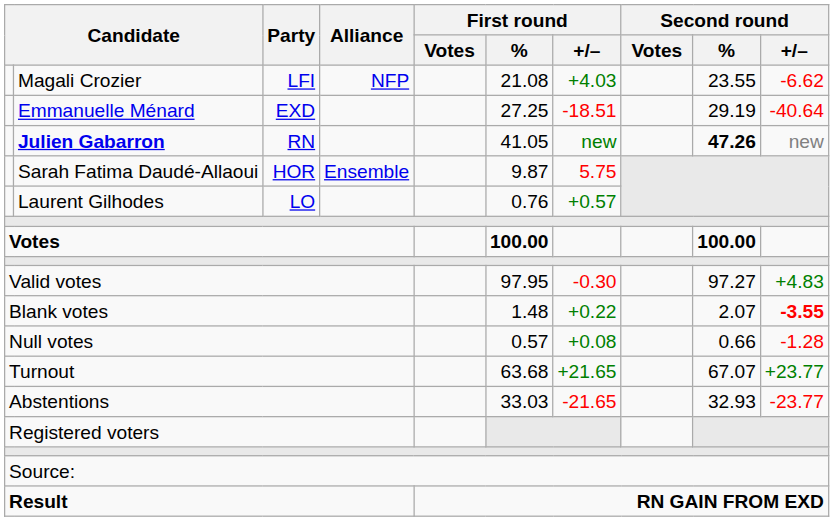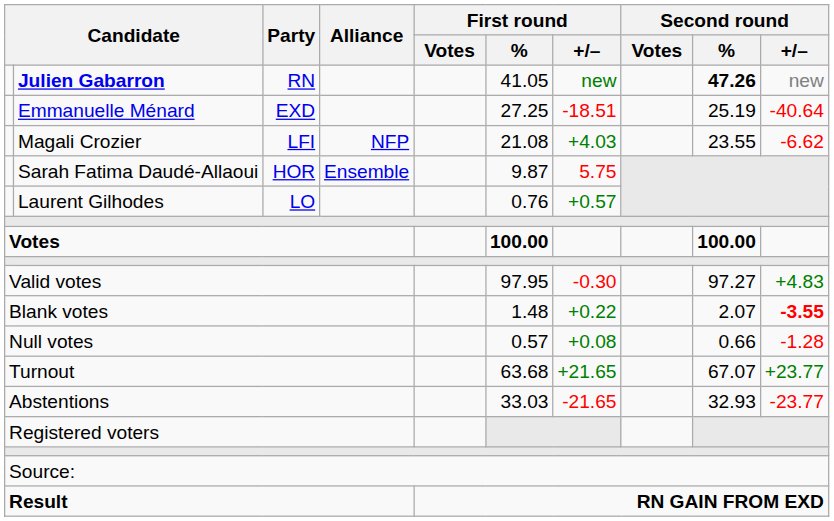 <table class="wikitable" style="text-align:right;font-size:95%;">
 <tr>
 <th rowspan="2" colspan="2">Candidate</th>
 <th colspan="1" rowspan="2">Party</th>
 <th colspan="1" rowspan="2">Alliance</th>
 <th colspan="3">First round</th>
 <th colspan="3">Second round</th>
 </tr>
 <tr>
 <th style="width:50px;">Votes</th>
 <th style="width:45px;">%</th>
 <th style="width:45px;">+/–</th>
 <th style="width:50px;">Votes</th>
 <th style="width:45px;">%</th>
 <th style="width:45px;">+/–</th>
 </tr>
 <tr>
 <td style="color:inherit;background:"></td>
-<td style="text-align:left;">Magali Crozier</td>
-<td><a href='#'>LFI</a></td>
-<td><a href='#'>NFP</a></td>
+<td style="text-align:left;"><strong><a href='#'>Julien Gabarron</a></strong></td>
+<td><a href='#'>RN</a></td>
 <td></td>
-<td>21.08</td>
-<td style="color:green;">+4.03</td>
 <td></td>
-<td>23.55</td>
-<td style="color:red;">-6.62</td>
+<td>41.05</td>
+<td style="color:green;">new</td>
+<td><strong></strong></td>
+<td><strong>47.26</strong></td>
+<td style="color:grey;">new</td>
 </tr>
 <tr>
 <td style="color:inherit;background:"></td>
 <td style="text-align:left;"><a href='#'>Emmanuelle Ménard</a></td>
 <td><a href='#'>EXD</a></td>
 <td></td>
 <td></td>
 <td>27.25</td>
 <td style="color:red;">-18.51</td>
 <td></td>
-<td>29.19</td>
+<td>25.19</td>
 <td style="color:red;">-40.64</td>
 </tr>
 <tr>
 <td style="color:inherit;background:"></td>
-<td style="text-align:left;"><strong><a href='#'>Julien Gabarron</a></strong></td>
-<td><a href='#'>RN</a></td>
+<td style="text-align:left;">Magali Crozier</td>
+<td><a href='#'>LFI</a></td>
+<td><a href='#'>NFP</a></td>
 <td></td>
+<td>21.08</td>
+<td style="color:green;">+4.03</td>
 <td></td>
-<td>41.05</td>
-<td style="color:green;">new</td>
-<td><strong></strong></td>
-<td><strong>47.26</strong></td>
-<td style="color:grey;">new</td>
+<td>23.55</td>
+<td style="color:red;">-6.62</td>
 </tr>
 <tr>
 <td style="color:inherit;background:"></td>
 <td style="text-align:left;">Sarah Fatima Daudé-Allaoui</td>
 <td><a href='#'>HOR</a></td>
 <td><a href='#'>Ensemble</a></td>
 <td></td>
 <td>9.87</td>
 <td style="color:red;">5.75</td>
 <td colspan="3" rowspan="2" style="background:#E9E9E9;"></td>
 </tr>
 <tr>
 <td style="color:inherit;background:"></td>
 <td style="text-align:left;">Laurent Gilhodes</td>
 <td><a href='#'>LO</a></td>
 <td></td>
 <td></td>
 <td>0.76</td>
 <td style="color:green;">+0.57</td>
 </tr>
 <tr>
 <td colspan="10" style="background:#E9E9E9;"></td>
 </tr>
 <tr style="font-weight:bold;">
 <td colspan="4" style="text-align:left;">Votes</td>
 <td></td>
 <td>100.00</td>
 <td></td>
 <td></td>
 <td>100.00</td>
 <td></td>
 </tr>
 <tr>
 <td colspan="10" style="background:#E9E9E9;"></td>
 </tr>
 <tr>
 <td colspan="4" style="text-align:left;">Valid votes</td>
 <td></td>
 <td>97.95</td>
 <td style="color:red;">-0.30</td>
 <td></td>
 <td>97.27</td>
 <td style="color:green;">+4.83</td>
 </tr>
 <tr>
 <td colspan="4" style="text-align:left;">Blank votes</td>
 <td></td>
 <td>1.48</td>
 <td style="color:green;">+0.22</td>
 <td></td>
 <td>2.07</td>
 <td style="color:red;"><strong>-3.55</strong></td>
 </tr>
 <tr>
 <td colspan="4" style="text-align:left;">Null votes</td>
 <td></td>
 <td>0.57</td>
 <td style="color:green;">+0.08</td>
 <td></td>
 <td>0.66</td>
 <td style="color:red;">-1.28</td>
 </tr>
 <tr>
 <td colspan="4" style="text-align:left;">Turnout</td>
 <td></td>
 <td>63.68</td>
 <td style="color:green;">+21.65</td>
 <td></td>
 <td>67.07</td>
 <td style="color:green;">+23.77</td>
 </tr>
 <tr>
 <td colspan="4" style="text-align:left;">Abstentions</td>
 <td></td>
 <td>33.03</td>
 <td style="color:red;">-21.65</td>
 <td></td>
 <td>32.93</td>
 <td style="color:red;">-23.77</td>
 </tr>
 <tr>
 <td colspan="4" style="text-align:left;">Registered voters</td>
 <td></td>
 <td colspan="2" style="background:#E9E9E9;"></td>
 <td></td>
 <td colspan="2" style="background:#E9E9E9;"></td>
 </tr>
 <tr>
 <td colspan="10" style="background:#E9E9E9;"></td>
 </tr>
 <tr>
 <td colspan="10" style="text-align:left;">Source: </td>
 </tr>
 <tr style="font-weight:bold">
 <td colspan="4" style="text-align:left;">Result</td>
 <td colspan="6" style="background-color:">RN GAIN FROM EXD</td>
 </tr>
 </table>
